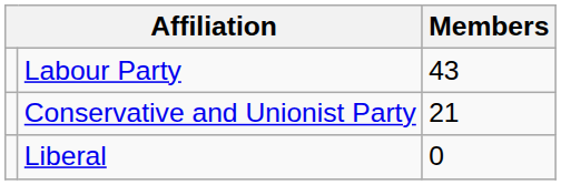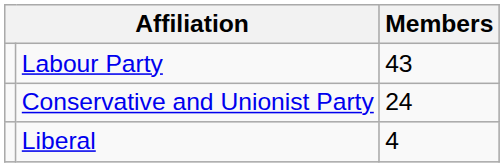 <table class="wikitable">
 <tr>
 <th colspan="2">Affiliation</th>
 <th>Members</th>
 </tr>
 <tr>
 <td style="color:inherit;background:"></td>
 <td><a href='#'>Labour Party</a></td>
 <td>43</td>
 </tr>
 <tr>
 <td style="color:inherit;background-color: "></td>
 <td><a href='#'>Conservative and Unionist Party</a></td>
-<td>21</td>
+<td>24</td>
 </tr>
 <tr>
 <td style="background-color: "></td>
 <td><a href='#'>Liberal</a></td>
-<td>0</td>
+<td>4</td>
 </tr>
 </table>
